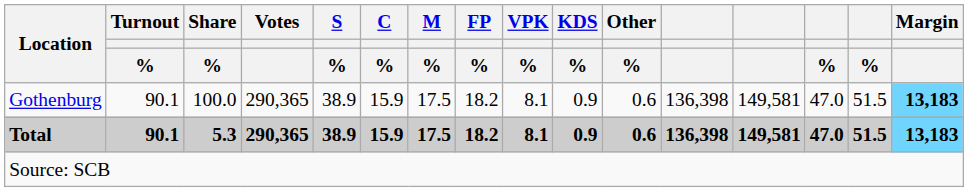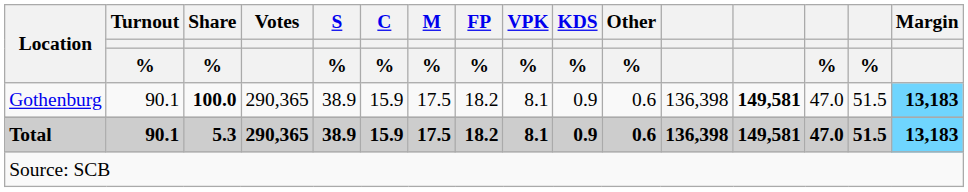 <table class="wikitable sortable" style="text-align:right; font-size:95%; line-height:20px;">
 <tr>
 <th rowspan="3">Location</th>
 <th>Turnout</th>
 <th>Share</th>
 <th>Votes</th>
 <th width="30px" class="unsortable"><a href='#'>S</a></th>
 <th width="30px" class="unsortable"><a href='#'>C</a></th>
 <th width="30px" class="unsortable"><a href='#'>M</a></th>
 <th width="30px" class="unsortable"><a href='#'>FP</a></th>
 <th width="30px" class="unsortable"><a href='#'>VPK</a></th>
 <th width="30px" class="unsortable"><a href='#'>KDS</a></th>
 <th width="30px" class="unsortable">Other</th>
 <th></th>
 <th></th>
 <th></th>
 <th></th>
 <th>Margin</th>
 </tr>
 <tr>
 <th></th>
 <th></th>
 <th></th>
 <th style="background:"></th>
 <th style="background:"></th>
 <th style="background:"></th>
 <th style="background:"></th>
 <th style="background:"></th>
 <th style="background:"></th>
 <th style="background:"></th>
 <th style="background:"></th>
 <th style="background:"></th>
 <th style="background:"></th>
 <th style="background:"></th>
 <th></th>
 </tr>
 <tr>
 <th data-sort-type="number">%</th>
 <th data-sort-type="number">%</th>
 <th></th>
 <th data-sort-type="number">%</th>
 <th data-sort-type="number">%</th>
 <th data-sort-type="number">%</th>
 <th data-sort-type="number">%</th>
 <th data-sort-type="number">%</th>
 <th data-sort-type="number">%</th>
 <th data-sort-type="number">%</th>
 <th data-sort-type="number"></th>
 <th data-sort-type="number"></th>
 <th data-sort-type="number">%</th>
 <th data-sort-type="number">%</th>
 <th data-sort-type="number"></th>
 </tr>
 <tr>
 <td align=left><a href='#'>Gothenburg</a></td>
 <td>90.1</td>
-<td>100.0</td>
+<td><strong>100.0</strong></td>
 <td>290,365</td>
 <td>38.9</td>
 <td>15.9</td>
 <td>17.5</td>
 <td>18.2</td>
 <td>8.1</td>
 <td>0.9</td>
 <td>0.6</td>
 <td>136,398</td>
-<td>149,581</td>
+<td><strong>149,581</strong></td>
 <td>47.0</td>
 <td>51.5</td>
 <td bgcolor=#6fd5fe><strong>13,183</strong></td>
 </tr>
 <tr>
 </tr>
 <tr style="background:#CDCDCD;">
 <td align=left><strong>Total</strong></td>
 <td><strong>90.1</strong></td>
 <td><strong>5.3</strong></td>
 <td><strong>290,365</strong></td>
 <td><strong>38.9</strong></td>
 <td><strong>15.9</strong></td>
 <td><strong>17.5</strong></td>
 <td><strong>18.2</strong></td>
 <td><strong>8.1</strong></td>
 <td><strong>0.9</strong></td>
 <td><strong>0.6</strong></td>
 <td><strong>136,398</strong></td>
 <td><strong>149,581</strong></td>
 <td><strong>47.0</strong></td>
 <td><strong>51.5</strong></td>
 <td bgcolor=#6fd5fe><strong>13,183</strong></td>
 </tr>
 <tr>
 <td align=left colspan=16>Source: SCB </td>
 </tr>
 </table>
